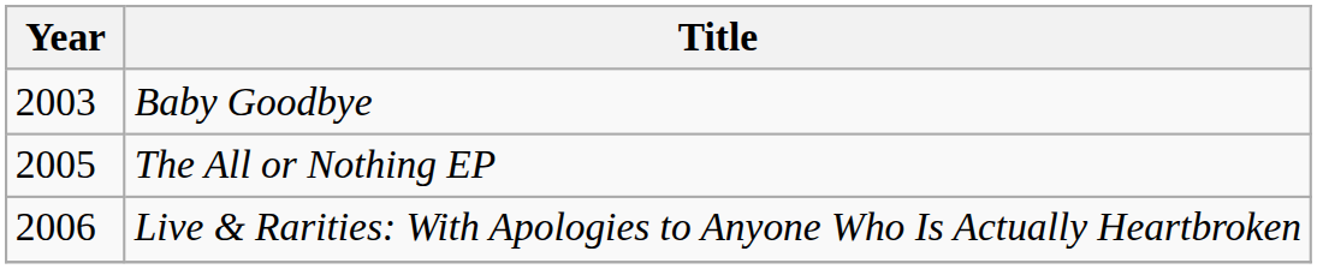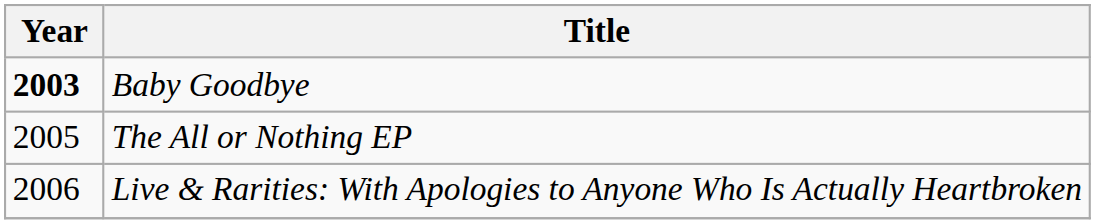 <table class="wikitable">
 <tr>
 <th rowspan=1 width="40">Year</th>
 <th rowspan=1>Title</th>
 </tr>
 <tr>
-<td>2003</td>
+<td><strong>2003</strong></td>
 <td><em>Baby Goodbye</em></td>
 </tr>
 <tr>
 <td>2005</td>
 <td><em>The All or Nothing EP</em></td>
 </tr>
 <tr>
 <td>2006</td>
 <td><em>Live & Rarities: With Apologies to Anyone Who Is Actually Heartbroken</em></td>
 </tr>
 <tr>
 </tr>
 </table>
